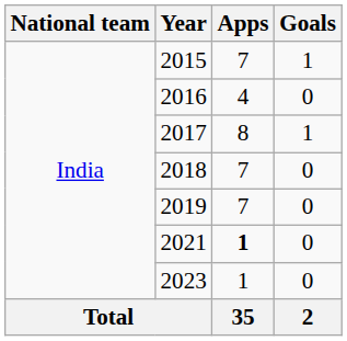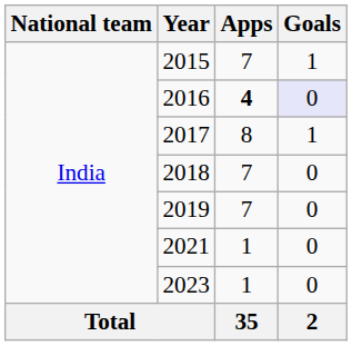 <table class="wikitable" style="text-align: center;">
 <tr>
 <th>National team</th>
 <th>Year</th>
 <th>Apps</th>
 <th>Goals</th>
 </tr>
 <tr>
 <td rowspan="7"><a href='#'>India</a></td>
 <td>2015</td>
 <td>7</td>
 <td>1</td>
 </tr>
 <tr>
 <td>2016</td>
-<td>4</td>
-<td>0</td>
+<td><strong>4</strong></td>
+<td style="background: lavender;">0</td>
 </tr>
 <tr>
 <td>2017</td>
 <td>8</td>
 <td>1</td>
 </tr>
 <tr>
 <td>2018</td>
 <td>7</td>
 <td>0</td>
 </tr>
 <tr>
 <td>2019</td>
 <td>7</td>
 <td>0</td>
 </tr>
 <tr>
 <td>2021</td>
-<td><strong>1</strong></td>
+<td>1</td>
 <td>0</td>
 </tr>
 <tr>
 <td>2023</td>
 <td>1</td>
 <td>0</td>
 </tr>
 <tr>
 <th colspan="2">Total</th>
 <th>35</th>
 <th>2</th>
 </tr>
 </table>
